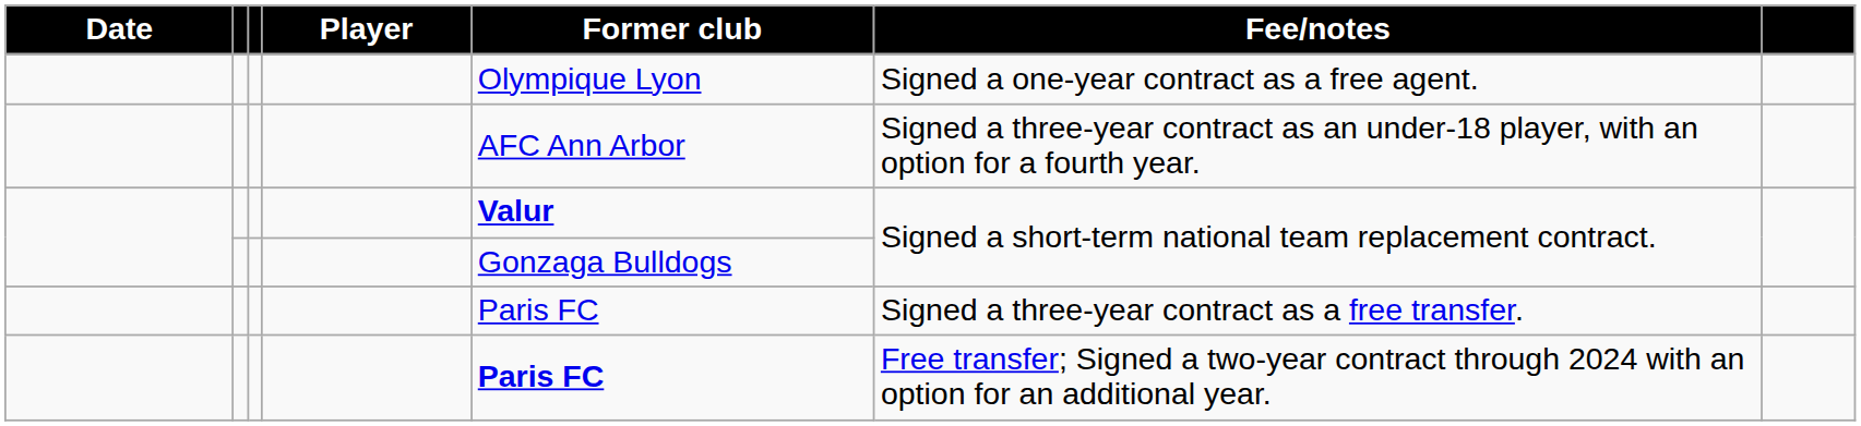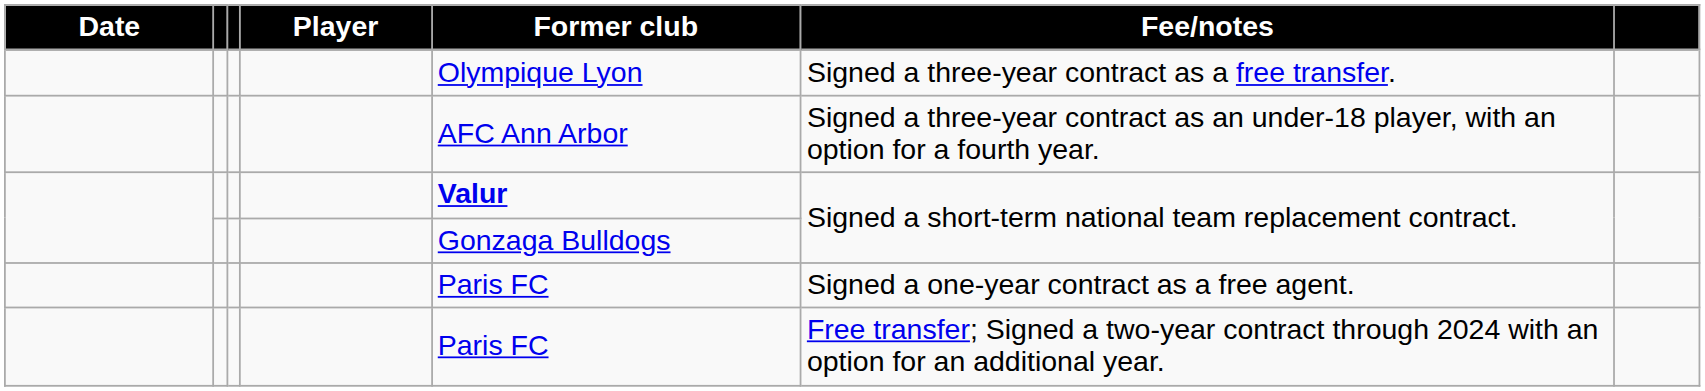 <table class="wikitable sortable">
 <tr>
 <th style="background:#000; color:#fff; width:110px;" scope="col">Date</th>
 <th style="background:#000; color:#fff;" scope="col"></th>
 <th style="background:#000; color:#fff;" scope="col"></th>
 <th style="background:#000; color:#fff; width:100px;" scope="col">Player</th>
 <th style="background:#000; color:#fff; width:200px;" scope="col">Former club</th>
 <th style="background:#000; color:#fff; width:450px;" scope="col">Fee/notes</th>
 <th style="background:#000; color:#fff; width:40px;" scope="col"></th>
 </tr>
 <tr>
 <td></td>
 <td></td>
 <td></td>
 <td></td>
 <td> <a href='#'>Olympique Lyon</a></td>
-<td>Signed a one-year contract as a free agent.</td>
+<td>Signed a three-year contract as a <a href='#'>free transfer</a>.</td>
 <td></td>
 </tr>
 <tr>
 <td></td>
 <td></td>
 <td></td>
 <td></td>
 <td> <a href='#'>AFC Ann Arbor</a></td>
 <td>Signed a three-year contract as an under-18 player, with an option for a fourth year.</td>
 <td></td>
 </tr>
 <tr>
 <td rowspan=2></td>
 <td></td>
 <td></td>
 <td></td>
 <td><strong> <a href='#'>Valur</a></strong></td>
 <td rowspan=2>Signed a short-term national team replacement contract.</td>
 <td rowspan=2></td>
 </tr>
 <tr>
 <td></td>
 <td></td>
 <td></td>
 <td> <a href='#'>Gonzaga Bulldogs</a></td>
 </tr>
 <tr>
 <td></td>
 <td></td>
 <td></td>
 <td></td>
 <td> <a href='#'>Paris FC</a></td>
-<td>Signed a three-year contract as a <a href='#'>free transfer</a>.</td>
+<td>Signed a one-year contract as a free agent.</td>
 <td></td>
 </tr>
 <tr>
 <td></td>
 <td></td>
 <td></td>
 <td></td>
-<td><strong> <a href='#'>Paris FC</a></strong></td>
+<td> <a href='#'>Paris FC</a></td>
 <td><a href='#'>Free transfer</a>; Signed a two-year contract through 2024 with an option for an additional year.</td>
 <td></td>
 </tr>
 </table>
